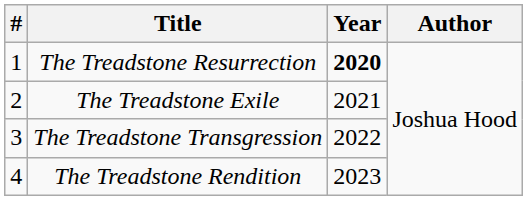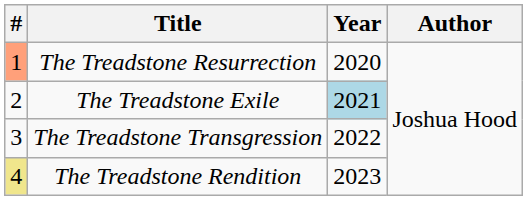 <table class="wikitable" style="text-align:center">
 <tr>
 <th>#</th>
 <th>Title</th>
 <th>Year</th>
 <th>Author</th>
 </tr>
 <tr>
-<td>1</td>
+<td style="background: lightsalmon;">1</td>
 <td><em>The Treadstone Resurrection</em></td>
-<td><strong>2020</strong></td>
+<td>2020</td>
 <td rowspan="4">Joshua Hood</td>
 </tr>
 <tr>
 <td>2</td>
 <td><em>The Treadstone Exile</em></td>
-<td>2021</td>
+<td style="background: lightblue;">2021</td>
 </tr>
 <tr>
 <td>3</td>
 <td><em>The Treadstone Transgression</em></td>
 <td>2022</td>
 </tr>
 <tr>
-<td>4</td>
+<td style="background: khaki;">4</td>
 <td><em>The Treadstone Rendition</em></td>
 <td>2023</td>
 </tr>
 </table>
